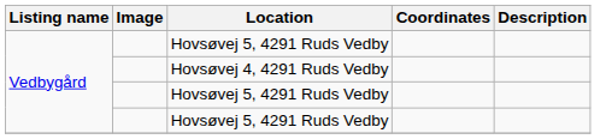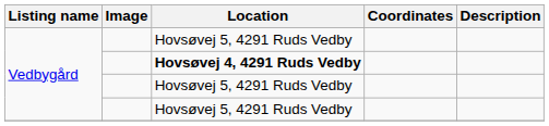 <table class="wikitable sortable">
 <tr>
 <th>Listing name</th>
 <th>Image</th>
 <th>Location</th>
 <th>Coordinates</th>
 <th>Description</th>
 </tr>
 <tr>
 <td rowspan="4"><a href='#'>Vedbygård</a></td>
 <td></td>
 <td>Hovsøvej 5, 4291 Ruds Vedby</td>
 <td></td>
 <td></td>
 </tr>
 <tr>
 <td></td>
-<td>Hovsøvej 4, 4291 Ruds Vedby</td>
+<td><strong>Hovsøvej 4, 4291 Ruds Vedby</strong></td>
 <td></td>
 <td></td>
 </tr>
 <tr>
 <td></td>
 <td>Hovsøvej 5, 4291 Ruds Vedby</td>
 <td></td>
 <td></td>
 </tr>
 <tr>
 <td></td>
 <td>Hovsøvej 5, 4291 Ruds Vedby</td>
 <td></td>
 <td></td>
 </tr>
 <tr>
 </tr>
 </table>
